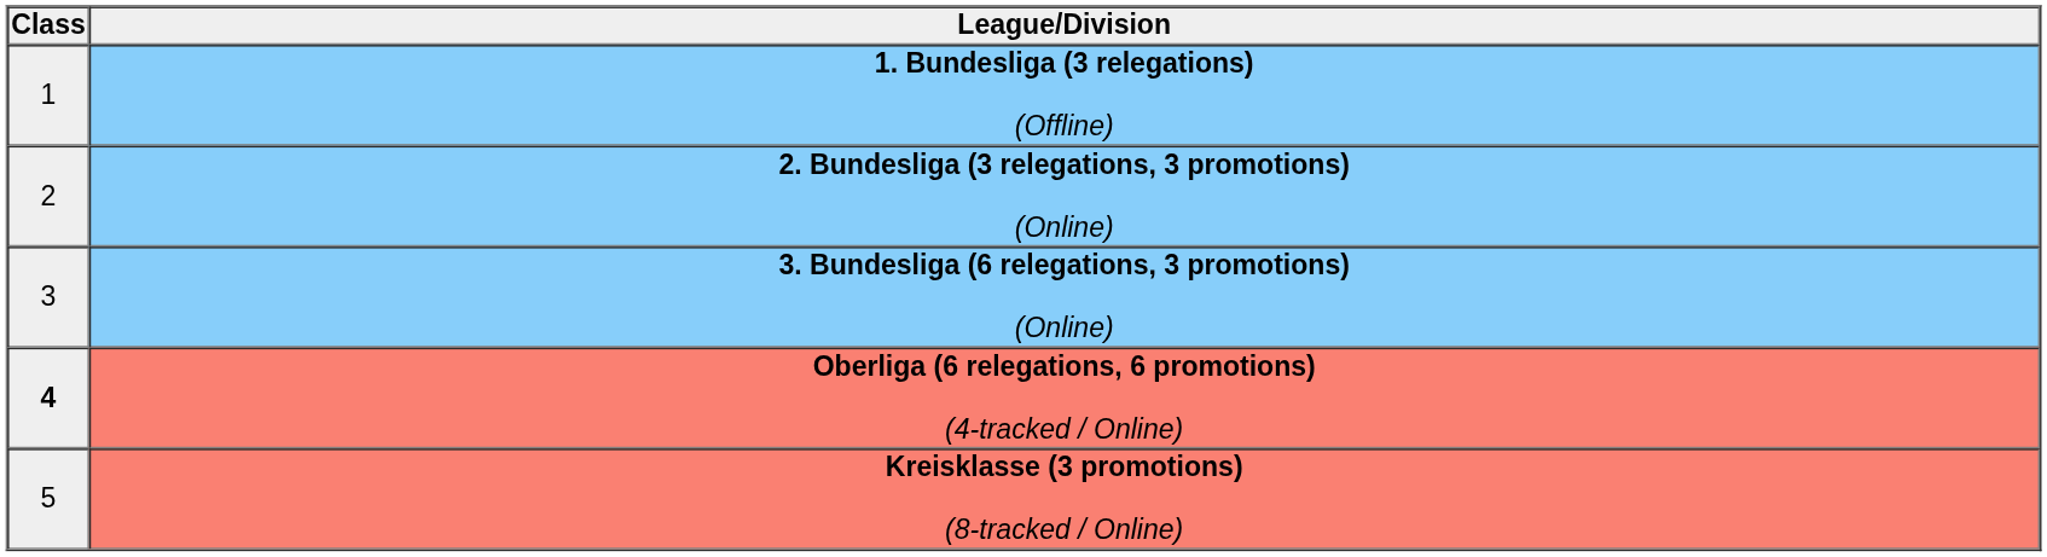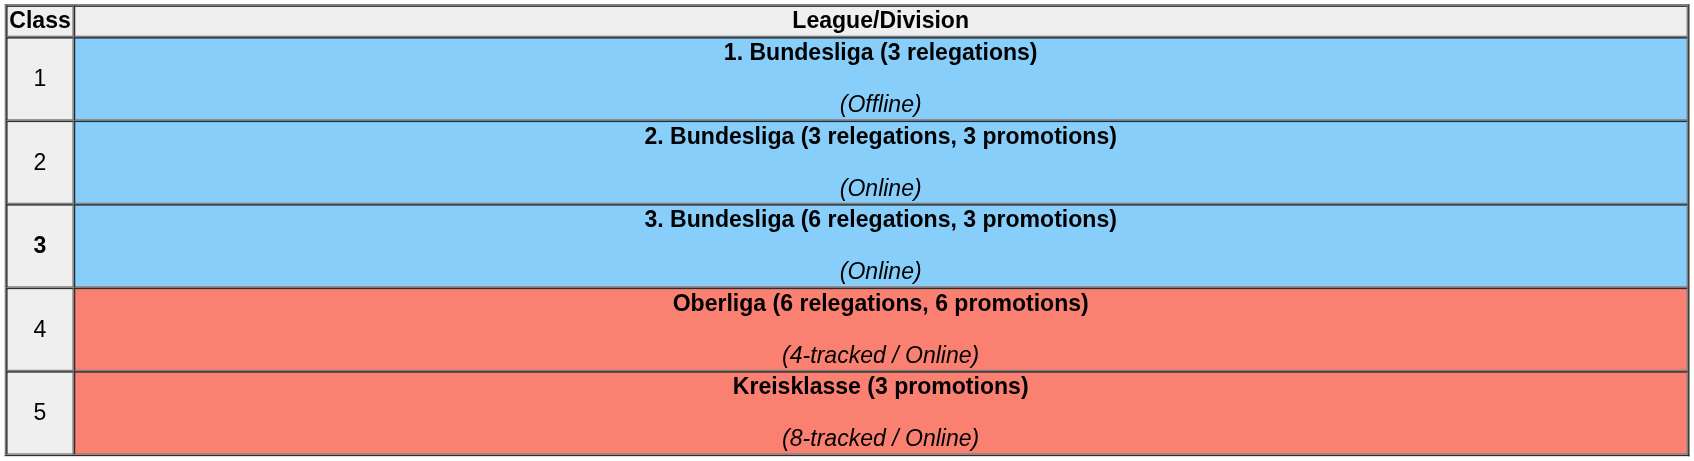 <table align=center cellspacing="0" border="1">
 <tr style="background:#efefef;">
 <td width="4%" align="center"><strong>Class</strong></td>
 <td colspan="12" width="96%" align="center"><strong>League/Division</strong></td>
 </tr>
 <tr>
 <td width="4%" align="center" style="background:#efefef;">1</td>
 <td colspan="12" width="96%" align="center" style="background:#87CEFA;"><strong>1. Bundesliga (3 relegations)</strong><br><br><em>(Offline)</em></td>
 </tr>
 <tr>
 <td width="4%" align="center" style="background:#efefef;">2</td>
 <td colspan="12" width="96%" align="center" style="background:#87CEFA;"><strong>2. Bundesliga (3 relegations, 3 promotions)</strong><br><br><em>(Online)</em></td>
 </tr>
 <tr>
-<td width="4%" align="center" style="background:#efefef;">3</td>
+<td width="4%" align="center" style="background:#efefef;"><strong>3</strong></td>
 <td colspan="12" width="96%" align="center" style="background:#87CEFA;"><strong>3. Bundesliga (6 relegations, 3 promotions)</strong><br><br><em>(Online)</em></td>
 </tr>
 <tr>
-<td width="4%" align="center" style="background:#efefef;"><strong>4</strong></td>
+<td width="4%" align="center" style="background:#efefef;">4</td>
 <td colspan="12" width="96%" align="center" style="background:#FA8072;"><strong>Oberliga (6 relegations, 6 promotions)</strong><br><br><em>(4-tracked / Online)</em></td>
 </tr>
 <tr>
 <td width="4%" align="center" style="background:#efefef;">5</td>
 <td colspan="12" width="96%" align="center" style="background:#FA8072;"><strong>Kreisklasse (3 promotions)</strong><br><br><em>(8-tracked / Online)</em></td>
 </tr>
 </table>
